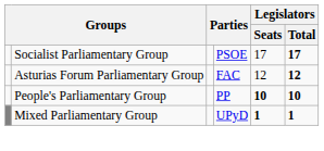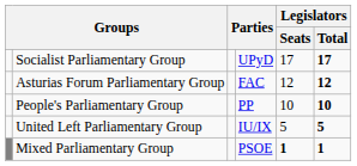 <table class="wikitable" style="text-align:left;">
 <tr>
 <th colspan="2" rowspan="2">Groups</th>
 <th colspan="2" rowspan="2">Parties</th>
 <th colspan="2">Legislators</th>
 </tr>
 <tr>
 <th>Seats</th>
 <th>Total</th>
 </tr>
 <tr>
 <td width="1" style="color:inherit;background:"></td>
 <td>Socialist Parliamentary Group</td>
 <td width="1" style="color:inherit;background:"></td>
-<td align="left"><a href='#'>PSOE</a></td>
+<td align="left"><a href='#'>UPyD</a></td>
 <td>17</td>
 <td><strong>17</strong></td>
 </tr>
 <tr>
 <td style="color:inherit;background:"></td>
 <td>Asturias Forum Parliamentary Group</td>
 <td style="color:inherit;background:"></td>
 <td align="left"><a href='#'>FAC</a></td>
 <td>12</td>
 <td><strong>12</strong></td>
 </tr>
 <tr>
 <td style="color:inherit;background:"></td>
 <td>People's Parliamentary Group</td>
 <td style="color:inherit;background:"></td>
 <td align="left"><a href='#'>PP</a></td>
+<td>10</td>
 <td><strong>10</strong></td>
-<td><strong>10</strong></td>
+</tr>
+<tr>
+<td style="color:inherit;background:"></td>
+<td>United Left Parliamentary Group</td>
+<td style="color:inherit;background:"></td>
+<td align="left"><a href='#'>IU/IX</a></td>
+<td>5</td>
+<td><strong>5</strong></td>
 </tr>
 <tr>
 <td bgcolor="gray"></td>
 <td>Mixed Parliamentary Group</td>
 <td style="color:inherit;background:"></td>
-<td align="left"><a href='#'>UPyD</a></td>
+<td align="left"><a href='#'>PSOE</a></td>
 <td><strong>1</strong></td>
 <td><strong>1</strong></td>
 </tr>
 </table>
